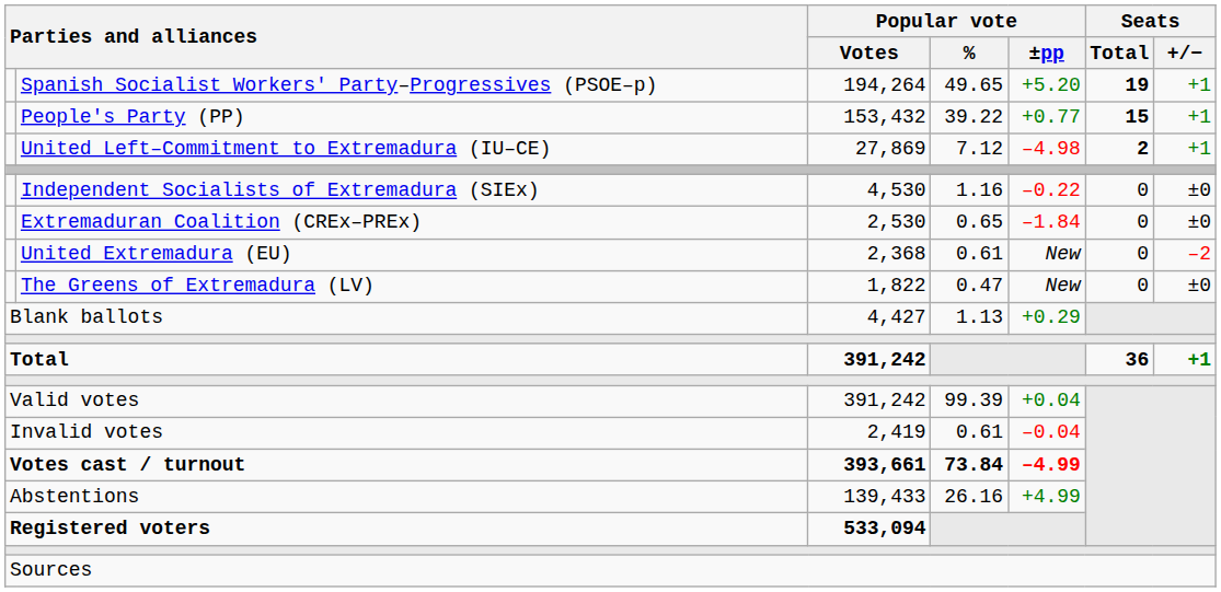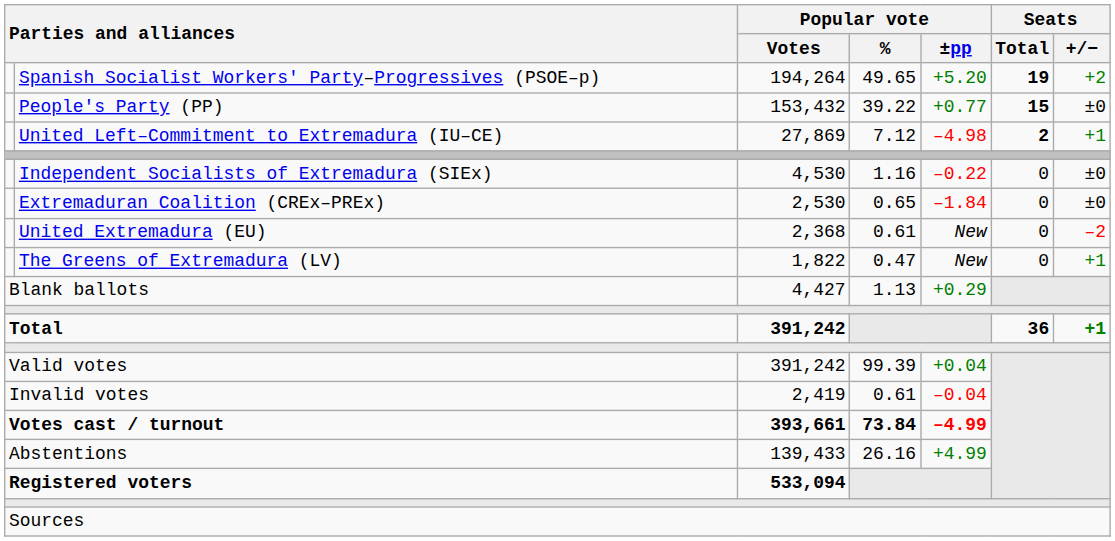 <table class="wikitable" style="text-align:right;">
 <tr>
 <th style="text-align:left;" rowspan="2" colspan="2" width="525">Parties and alliances</th>
 <th colspan="3">Popular vote</th>
 <th colspan="2">Seats</th>
 </tr>
 <tr>
 <th width="75">Votes</th>
 <th width="45">%</th>
 <th width="45">±<a href='#'>pp</a></th>
 <th width="35">Total</th>
 <th width="35">+/−</th>
 </tr>
 <tr>
 <td width="1" style="color:inherit;background:"></td>
 <td align="left"><a href='#'>Spanish Socialist Workers' Party</a>–<a href='#'>Progressives</a> (PSOE–p)</td>
 <td>194,264</td>
 <td>49.65</td>
 <td style="color:green;">+5.20</td>
 <td><strong>19</strong></td>
-<td style="color:green;">+1</td>
+<td style="color:green;">+2</td>
 </tr>
 <tr>
 <td style="color:inherit;background:"></td>
 <td align="left"><a href='#'>People's Party</a> (PP)</td>
 <td>153,432</td>
 <td>39.22</td>
 <td style="color:green;">+0.77</td>
 <td><strong>15</strong></td>
-<td style="color:green;">+1</td>
+<td>±0</td>
 </tr>
 <tr>
 <td style="color:inherit;background:"></td>
 <td align="left"><a href='#'>United Left–Commitment to Extremadura</a> (IU–CE)</td>
 <td>27,869</td>
 <td>7.12</td>
 <td style="color:red;">–4.98</td>
 <td><strong>2</strong></td>
 <td style="color:green;">+1</td>
 </tr>
 <tr>
 <td colspan="7" bgcolor="#C0C0C0"></td>
 </tr>
 <tr>
 <td style="color:inherit;background:"></td>
 <td align="left"><a href='#'>Independent Socialists of Extremadura</a> (SIEx)</td>
 <td>4,530</td>
 <td>1.16</td>
 <td style="color:red;">–0.22</td>
 <td>0</td>
 <td>±0</td>
 </tr>
 <tr>
 <td style="color:inherit;background:"></td>
 <td align="left"><a href='#'>Extremaduran Coalition</a> (CREx–PREx)</td>
 <td>2,530</td>
 <td>0.65</td>
 <td style="color:red;">–1.84</td>
 <td>0</td>
 <td>±0</td>
 </tr>
 <tr>
 <td style="color:inherit;background:"></td>
 <td align="left"><a href='#'>United Extremadura</a> (EU)</td>
 <td>2,368</td>
 <td>0.61</td>
 <td><em>New</em></td>
 <td>0</td>
 <td style="color:red;">–2</td>
 </tr>
 <tr>
 <td style="color:inherit;background:"></td>
 <td align="left"><a href='#'>The Greens of Extremadura</a> (LV)</td>
 <td>1,822</td>
 <td>0.47</td>
 <td><em>New</em></td>
 <td>0</td>
-<td>±0</td>
+<td style="color:green;">+1</td>
 </tr>
 <tr>
 <td align="left" colspan="2">Blank ballots</td>
 <td>4,427</td>
 <td>1.13</td>
 <td style="color:green;">+0.29</td>
 <td bgcolor="#E9E9E9" colspan="2"></td>
 </tr>
 <tr>
 <td colspan="7" bgcolor="#E9E9E9"></td>
 </tr>
 <tr style="font-weight:bold;">
 <td align="left" colspan="2">Total</td>
 <td>391,242</td>
 <td bgcolor="#E9E9E9" colspan="2"></td>
 <td>36</td>
 <td style="color:green;">+1</td>
 </tr>
 <tr>
 <td colspan="7" bgcolor="#E9E9E9"></td>
 </tr>
 <tr>
 <td align="left" colspan="2">Valid votes</td>
 <td>391,242</td>
 <td>99.39</td>
 <td style="color:green;">+0.04</td>
 <td bgcolor="#E9E9E9" colspan="2" rowspan="5"></td>
 </tr>
 <tr>
 <td align="left" colspan="2">Invalid votes</td>
 <td>2,419</td>
 <td>0.61</td>
 <td style="color:red;">–0.04</td>
 </tr>
 <tr style="font-weight:bold;">
 <td align="left" colspan="2">Votes cast / turnout</td>
 <td>393,661</td>
 <td>73.84</td>
 <td style="color:red;">–4.99</td>
 </tr>
 <tr>
 <td align="left" colspan="2">Abstentions</td>
 <td>139,433</td>
 <td>26.16</td>
 <td style="color:green;">+4.99</td>
 </tr>
 <tr style="font-weight:bold;">
 <td align="left" colspan="2">Registered voters</td>
 <td>533,094</td>
 <td bgcolor="#E9E9E9" colspan="2"></td>
 </tr>
 <tr>
 <td colspan="7" bgcolor="#E9E9E9"></td>
 </tr>
 <tr>
 <td align="left" colspan="7">Sources</td>
 </tr>
 </table>
